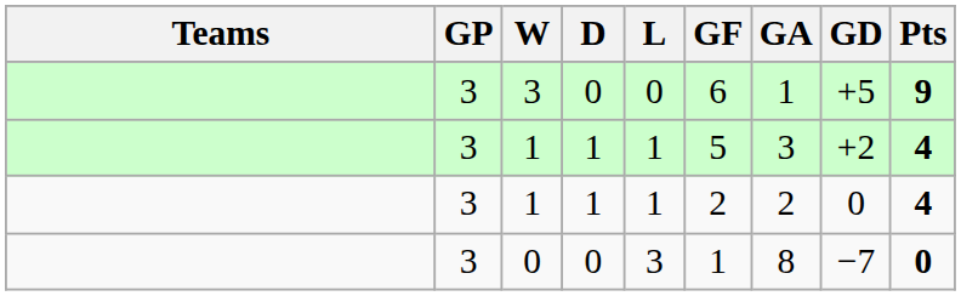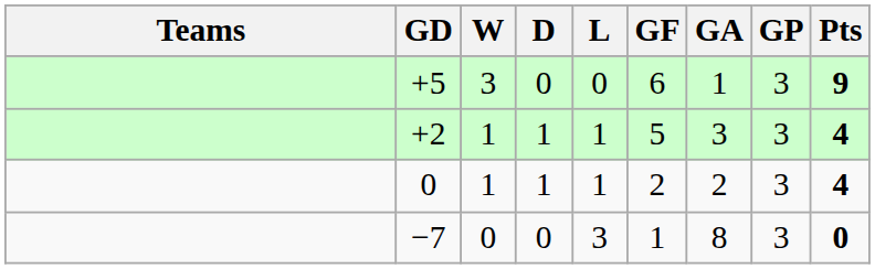 <table class="wikitable">
 <tr align=center bgcolor=#efefef>
 <th width=185>Teams</th>
-<th width=20>GP</th>
+<th width=20>GD</th>
 <th width=20>W</th>
 <th width=20>D</th>
 <th width=20>L</th>
 <th width=20>GF</th>
 <th width=20>GA</th>
-<th width=20>GD</th>
+<th width=20>GP</th>
 <th width=20>Pts</th>
 </tr>
 <tr align=center style="background:#ccffcc;">
 <td style="text-align:left;"></td>
-<td>3</td>
+<td>+5</td>
 <td>3</td>
 <td>0</td>
 <td>0</td>
 <td>6</td>
 <td>1</td>
-<td>+5</td>
+<td>3</td>
 <td><strong>9</strong></td>
 </tr>
 <tr align=center style="background:#ccffcc;">
 <td style="text-align:left;"></td>
-<td>3</td>
+<td>+2</td>
 <td>1</td>
 <td>1</td>
 <td>1</td>
 <td>5</td>
 <td>3</td>
-<td>+2</td>
+<td>3</td>
 <td><strong>4</strong></td>
 </tr>
 <tr align=center>
 <td style="text-align:left;"></td>
-<td>3</td>
+<td>0</td>
 <td>1</td>
 <td>1</td>
 <td>1</td>
 <td>2</td>
 <td>2</td>
-<td>0</td>
+<td>3</td>
 <td><strong>4</strong></td>
 </tr>
 <tr align=center>
 <td style="text-align:left;"></td>
-<td>3</td>
+<td>−7</td>
 <td>0</td>
 <td>0</td>
 <td>3</td>
 <td>1</td>
 <td>8</td>
-<td>−7</td>
+<td>3</td>
 <td><strong>0</strong></td>
 </tr>
 </table>
